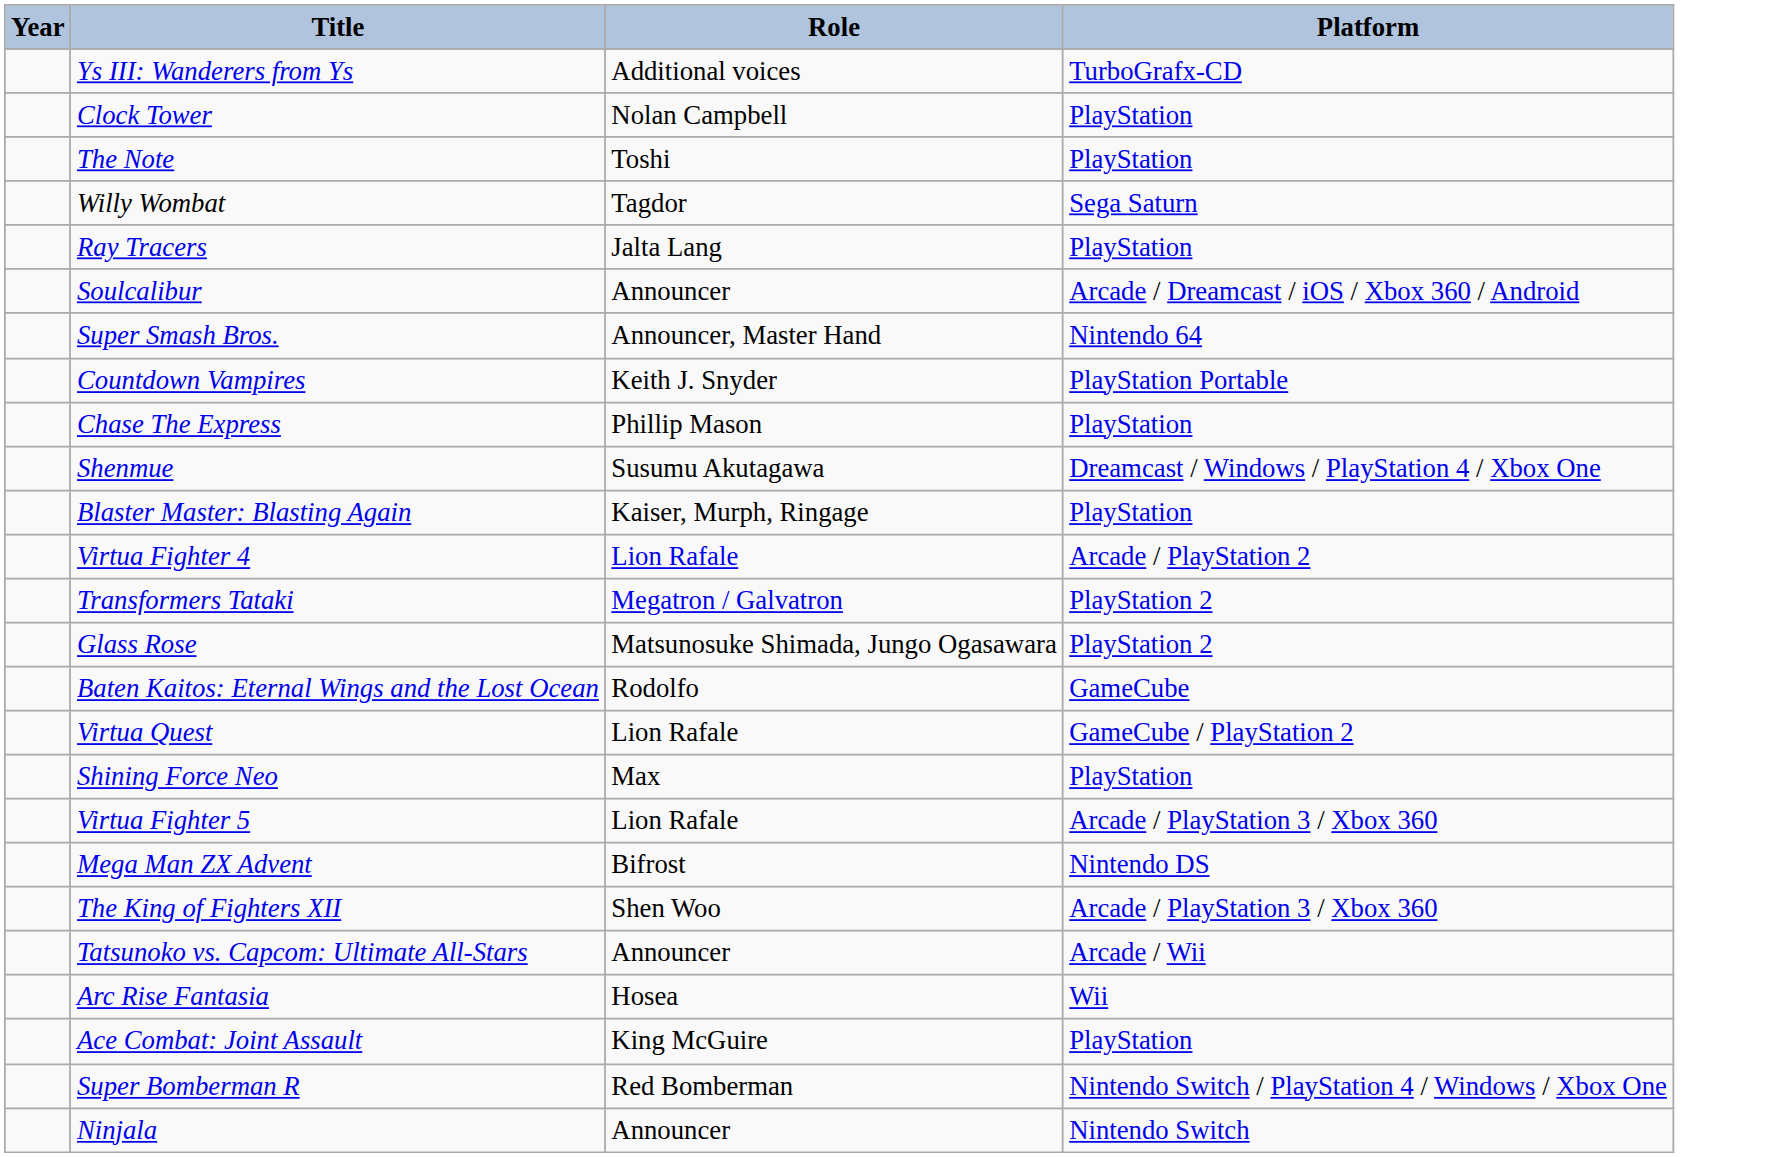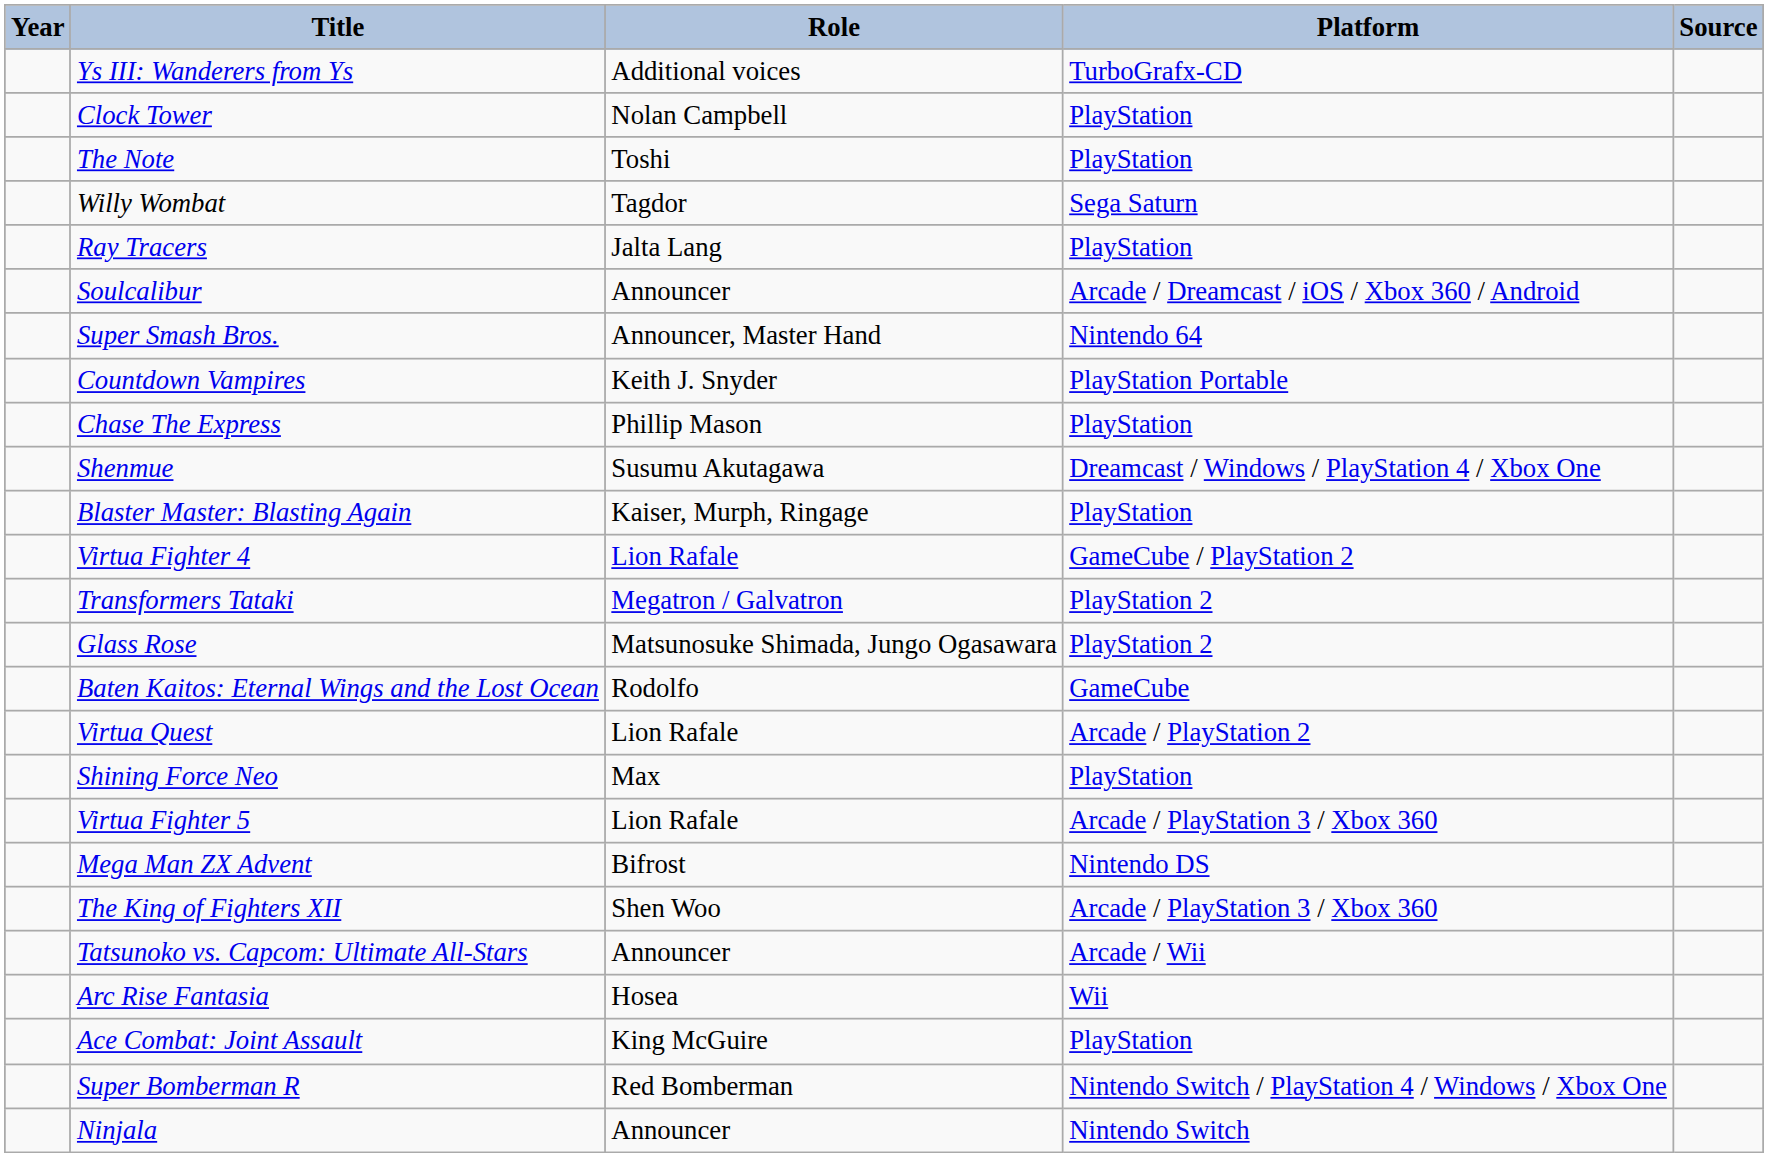 <table class="wikitable sortable plainrowheaders" style="width=95%;  font-size: 95%;">
 <tr>
 <th style="background:#b0c4de">Year</th>
 <th style="background:#b0c4de">Title</th>
 <th style="background:#b0c4de">Role</th>
 <th style="background:#b0c4de">Platform</th>
+<th style="background:#b0c4de">Source</th>
 </tr>
 <tr>
 <td></td>
 <td><em><a href='#'>Ys III: Wanderers from Ys</a></em></td>
 <td>Additional voices</td>
 <td><a href='#'>TurboGrafx-CD</a></td>
+<td></td>
 </tr>
 <tr>
 <td></td>
 <td><em><a href='#'>Clock Tower</a></em></td>
 <td>Nolan Campbell</td>
 <td><a href='#'>PlayStation</a></td>
+<td></td>
 </tr>
 <tr>
 <td></td>
 <td><em><a href='#'>The Note</a></em></td>
 <td>Toshi</td>
 <td><a href='#'>PlayStation</a></td>
+<td></td>
 </tr>
 <tr>
 <td></td>
 <td><em>Willy Wombat</em></td>
 <td>Tagdor</td>
 <td><a href='#'>Sega Saturn</a></td>
+<td></td>
 </tr>
 <tr>
 <td></td>
 <td><em><a href='#'>Ray Tracers</a></em></td>
 <td>Jalta Lang</td>
 <td><a href='#'>PlayStation</a></td>
+<td></td>
 </tr>
 <tr>
 <td></td>
 <td><em><a href='#'>Soulcalibur</a></em></td>
 <td>Announcer</td>
 <td><a href='#'>Arcade</a> / <a href='#'>Dreamcast</a> / <a href='#'>iOS</a> / <a href='#'>Xbox 360</a> / <a href='#'>Android</a></td>
+<td></td>
 </tr>
 <tr>
 <td></td>
 <td><em><a href='#'>Super Smash Bros.</a></em></td>
 <td>Announcer, Master Hand</td>
 <td><a href='#'>Nintendo 64</a></td>
+<td></td>
 </tr>
 <tr>
 <td></td>
 <td><em><a href='#'>Countdown Vampires</a></em></td>
 <td>Keith J. Snyder</td>
 <td><a href='#'>PlayStation Portable</a></td>
+<td></td>
 </tr>
 <tr>
 <td></td>
 <td><em><a href='#'>Chase The Express</a></em></td>
 <td>Phillip Mason</td>
 <td><a href='#'>PlayStation</a></td>
+<td></td>
 </tr>
 <tr>
 <td></td>
 <td><em><a href='#'>Shenmue</a></em></td>
 <td>Susumu Akutagawa</td>
 <td><a href='#'>Dreamcast</a> / <a href='#'>Windows</a> / <a href='#'>PlayStation 4</a> / <a href='#'>Xbox One</a></td>
+<td></td>
 </tr>
 <tr>
 <td></td>
 <td><em><a href='#'>Blaster Master: Blasting Again</a></em></td>
 <td>Kaiser, Murph, Ringage</td>
 <td><a href='#'>PlayStation</a></td>
+<td></td>
 </tr>
 <tr>
 <td></td>
 <td><em><a href='#'>Virtua Fighter 4</a></em></td>
 <td><a href='#'>Lion Rafale</a></td>
-<td><a href='#'>Arcade</a> / <a href='#'>PlayStation 2</a></td>
+<td><a href='#'>GameCube</a> / <a href='#'>PlayStation 2</a></td>
+<td></td>
 </tr>
 <tr>
 <td></td>
 <td><em><a href='#'>Transformers Tataki</a></em></td>
 <td><a href='#'>Megatron / Galvatron</a></td>
 <td><a href='#'>PlayStation 2</a></td>
+<td></td>
 </tr>
 <tr>
 <td></td>
 <td><em><a href='#'>Glass Rose</a></em></td>
 <td>Matsunosuke Shimada, Jungo Ogasawara</td>
 <td><a href='#'>PlayStation 2</a></td>
+<td></td>
 </tr>
 <tr>
 <td></td>
 <td><em><a href='#'>Baten Kaitos: Eternal Wings and the Lost Ocean</a></em></td>
 <td>Rodolfo</td>
 <td><a href='#'>GameCube</a></td>
+<td></td>
 </tr>
 <tr>
 <td></td>
 <td><em><a href='#'>Virtua Quest</a></em></td>
 <td>Lion Rafale</td>
-<td><a href='#'>GameCube</a> / <a href='#'>PlayStation 2</a></td>
+<td><a href='#'>Arcade</a> / <a href='#'>PlayStation 2</a></td>
+<td></td>
 </tr>
 <tr>
 <td></td>
 <td><em><a href='#'>Shining Force Neo</a></em></td>
 <td>Max</td>
 <td><a href='#'>PlayStation</a></td>
+<td></td>
 </tr>
 <tr>
 <td></td>
 <td><em><a href='#'>Virtua Fighter 5</a></em></td>
 <td>Lion Rafale</td>
 <td><a href='#'>Arcade</a> / <a href='#'>PlayStation 3</a> / <a href='#'>Xbox 360</a></td>
+<td></td>
 </tr>
 <tr>
 <td></td>
 <td><em><a href='#'>Mega Man ZX Advent</a></em></td>
 <td>Bifrost</td>
 <td><a href='#'>Nintendo DS</a></td>
+<td></td>
 </tr>
 <tr>
 <td></td>
 <td><em><a href='#'>The King of Fighters XII</a></em></td>
 <td>Shen Woo</td>
 <td><a href='#'>Arcade</a> / <a href='#'>PlayStation 3</a> / <a href='#'>Xbox 360</a></td>
+<td></td>
 </tr>
 <tr>
 <td></td>
 <td><em><a href='#'>Tatsunoko vs. Capcom: Ultimate All-Stars</a></em></td>
 <td>Announcer</td>
 <td><a href='#'>Arcade</a> / <a href='#'>Wii</a></td>
+<td></td>
 </tr>
 <tr>
 <td></td>
 <td><em><a href='#'>Arc Rise Fantasia</a></em></td>
 <td>Hosea</td>
 <td><a href='#'>Wii</a></td>
+<td></td>
 </tr>
 <tr>
 <td></td>
 <td><em><a href='#'>Ace Combat: Joint Assault</a></em></td>
 <td>King McGuire</td>
 <td><a href='#'>PlayStation</a></td>
+<td></td>
 </tr>
 <tr>
 <td></td>
 <td><em><a href='#'>Super Bomberman R</a></em></td>
 <td>Red Bomberman</td>
 <td><a href='#'>Nintendo Switch</a> / <a href='#'>PlayStation 4</a> / <a href='#'>Windows</a> / <a href='#'>Xbox One</a></td>
+<td></td>
 </tr>
 <tr>
 <td></td>
 <td><em><a href='#'>Ninjala</a></em></td>
 <td>Announcer</td>
 <td><a href='#'>Nintendo Switch</a></td>
+<td></td>
 </tr>
 </table>
